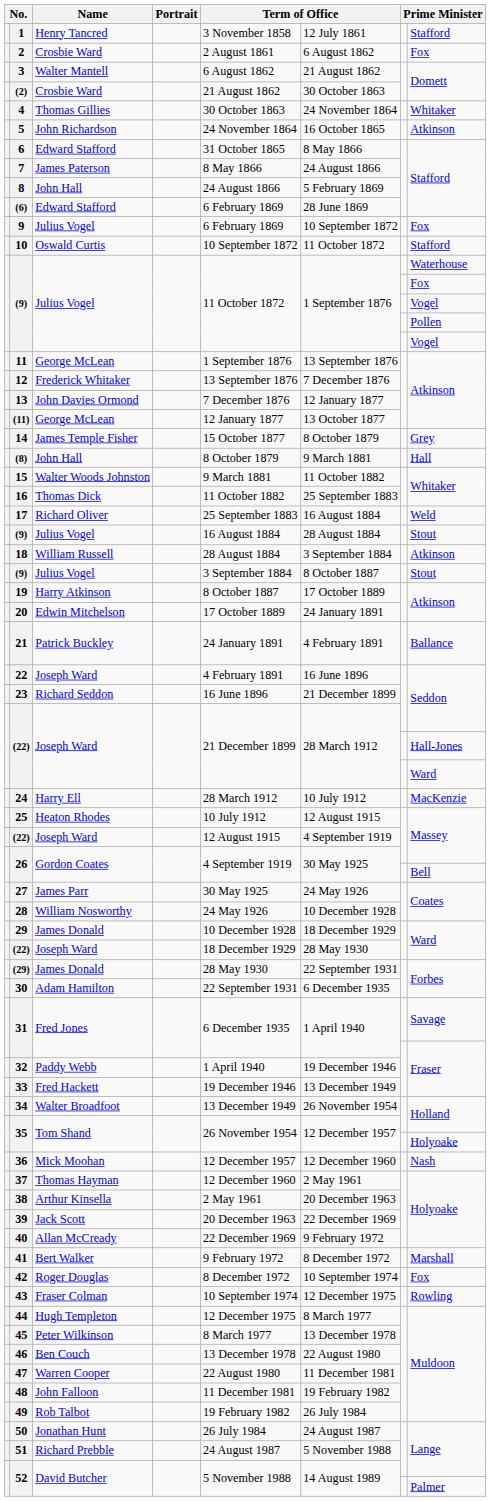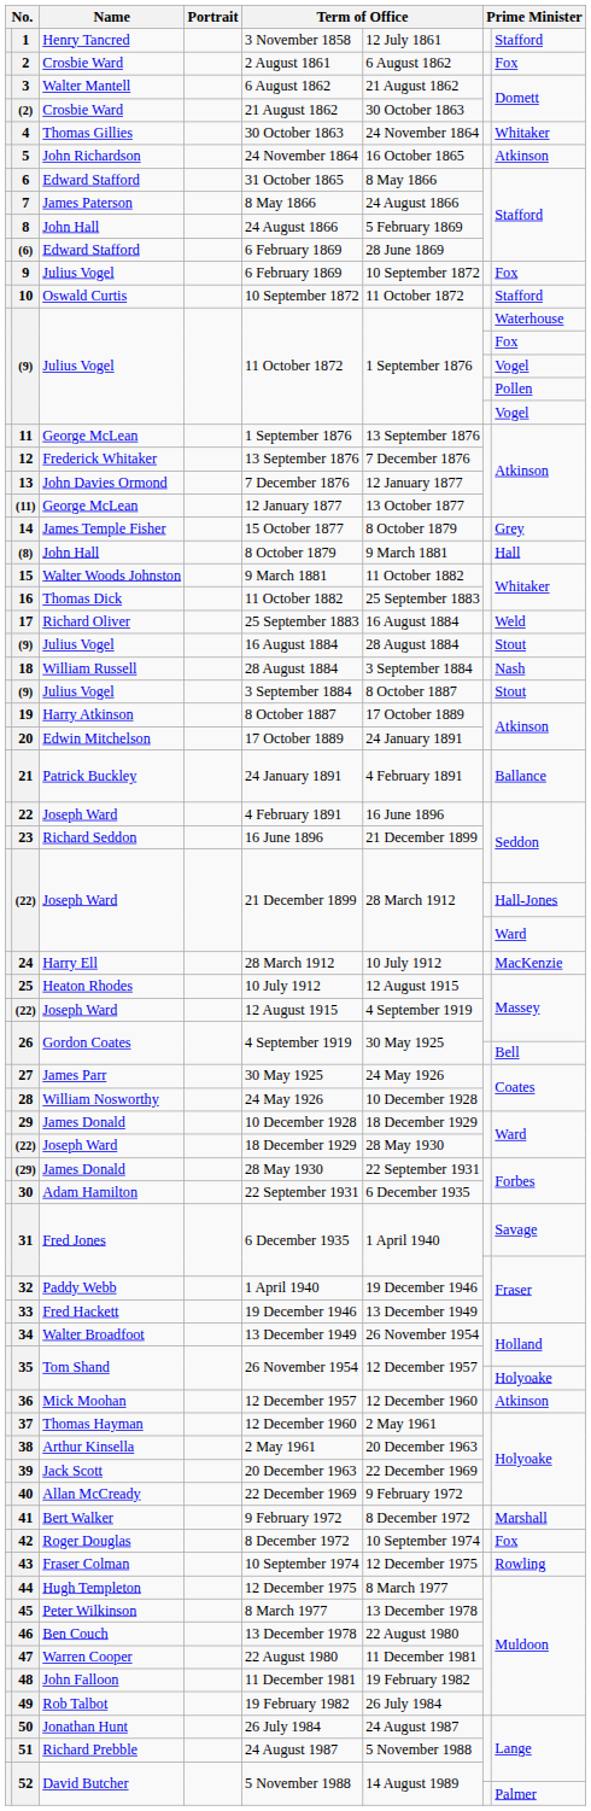 <table class="wikitable">
 <tr>
 <th colspan="2">No.</th>
 <th>Name</th>
 <th>Portrait</th>
 <th colspan="2">Term of Office</th>
 <th colspan="2">Prime Minister</th>
 </tr>
 <tr>
 <th style="color:inherit;background:"></th>
 <th>1</th>
 <td><a href='#'>Henry Tancred</a></td>
 <td></td>
 <td>3 November 1858</td>
 <td>12 July 1861</td>
 <td style="color:inherit;background:"></td>
 <td><a href='#'>Stafford</a></td>
 </tr>
 <tr>
 <th style="color:inherit;background:"></th>
 <th>2</th>
 <td><a href='#'>Crosbie Ward</a></td>
 <td></td>
 <td>2 August 1861</td>
 <td>6 August 1862</td>
 <td style="color:inherit;background:"></td>
 <td><a href='#'>Fox</a></td>
 </tr>
 <tr>
 <th style="color:inherit;background:"></th>
 <th>3</th>
 <td><a href='#'>Walter Mantell</a></td>
 <td></td>
 <td>6 August 1862</td>
 <td>21 August 1862</td>
 <td rowspan=2 style="color:inherit;background:"></td>
 <td rowspan=2><a href='#'>Domett</a></td>
 </tr>
 <tr>
 <th style="color:inherit;background:"></th>
 <th><small>(2)</small></th>
 <td><a href='#'>Crosbie Ward</a></td>
 <td></td>
 <td>21 August 1862</td>
 <td>30 October 1863</td>
 </tr>
 <tr>
 <th style="color:inherit;background:"></th>
 <th>4</th>
 <td><a href='#'>Thomas Gillies</a></td>
 <td></td>
 <td>30 October 1863</td>
 <td>24 November 1864</td>
 <td style="color:inherit;background:"></td>
 <td><a href='#'>Whitaker</a></td>
 </tr>
 <tr>
 <th style="color:inherit;background:"></th>
 <th>5</th>
 <td><a href='#'>John Richardson</a></td>
 <td></td>
 <td>24 November 1864</td>
 <td>16 October 1865</td>
 <td style="color:inherit;background:"></td>
 <td><a href='#'>Atkinson</a></td>
 </tr>
 <tr>
 <th style="color:inherit;background:"></th>
 <th>6</th>
 <td><a href='#'>Edward Stafford</a></td>
 <td></td>
 <td>31 October 1865</td>
 <td>8 May 1866</td>
 <td rowspan=4 style="color:inherit;background:"></td>
 <td rowspan=4><a href='#'>Stafford</a></td>
 </tr>
 <tr>
 <th style="color:inherit;background:"></th>
 <th>7</th>
 <td><a href='#'>James Paterson</a></td>
 <td></td>
 <td>8 May 1866</td>
 <td>24 August 1866</td>
 </tr>
 <tr>
 <th style="color:inherit;background:"></th>
 <th>8</th>
 <td><a href='#'>John Hall</a></td>
 <td></td>
 <td>24 August 1866</td>
 <td>5 February 1869</td>
 </tr>
 <tr>
 <th style="color:inherit;background:"></th>
 <th><small>(6)</small></th>
 <td><a href='#'>Edward Stafford</a></td>
 <td></td>
 <td>6 February 1869</td>
 <td>28 June 1869</td>
 </tr>
 <tr>
 <th style="color:inherit;background:"></th>
 <th>9</th>
 <td><a href='#'>Julius Vogel</a></td>
 <td></td>
 <td>6 February 1869</td>
 <td>10 September 1872</td>
 <td style="color:inherit;background:"></td>
 <td><a href='#'>Fox</a></td>
 </tr>
 <tr>
 <th style="color:inherit;background:"></th>
 <th>10</th>
 <td><a href='#'>Oswald Curtis</a></td>
 <td></td>
 <td>10 September 1872</td>
 <td>11 October 1872</td>
 <td style="color:inherit;background:"></td>
 <td><a href='#'>Stafford</a></td>
 </tr>
 <tr>
 <th rowspan=5 style="color:inherit;background:"></th>
 <th rowspan=5><small>(9)</small></th>
 <td rowspan=5><a href='#'>Julius Vogel</a></td>
 <td rowspan=5></td>
 <td rowspan=5>11 October 1872</td>
 <td rowspan=5>1 September 1876</td>
 <td style="color:inherit;background:"></td>
 <td><a href='#'>Waterhouse</a></td>
 </tr>
 <tr>
 <td style="color:inherit;background:"></td>
 <td><a href='#'>Fox</a></td>
 </tr>
 <tr>
 <td style="color:inherit;background:"></td>
 <td><a href='#'>Vogel</a></td>
 </tr>
 <tr>
 <td style="color:inherit;background:"></td>
 <td><a href='#'>Pollen</a></td>
 </tr>
 <tr>
 <td style="color:inherit;background:"></td>
 <td><a href='#'>Vogel</a></td>
 </tr>
 <tr>
 <th style="color:inherit;background:"></th>
 <th>11</th>
 <td><a href='#'>George McLean</a></td>
 <td></td>
 <td>1 September 1876</td>
 <td>13 September 1876</td>
 <td rowspan=4 style="color:inherit;background:"></td>
 <td rowspan=4><a href='#'>Atkinson</a></td>
 </tr>
 <tr>
 <th style="color:inherit;background:"></th>
 <th>12</th>
 <td><a href='#'>Frederick Whitaker</a></td>
 <td></td>
 <td>13 September 1876</td>
 <td>7 December 1876</td>
 </tr>
 <tr>
 <th style="color:inherit;background:"></th>
 <th>13</th>
 <td><a href='#'>John Davies Ormond</a></td>
 <td></td>
 <td>7 December 1876</td>
 <td>12 January 1877</td>
 </tr>
 <tr>
 <th style="color:inherit;background:"></th>
 <th><small>(11)</small></th>
 <td><a href='#'>George McLean</a></td>
 <td></td>
 <td>12 January 1877</td>
 <td>13 October 1877</td>
 </tr>
 <tr>
 <th style="color:inherit;background:"></th>
 <th>14</th>
 <td><a href='#'>James Temple Fisher</a></td>
 <td></td>
 <td>15 October 1877</td>
 <td>8 October 1879</td>
 <td style="color:inherit;background:"></td>
 <td><a href='#'>Grey</a></td>
 </tr>
 <tr>
 <th style="color:inherit;background:"></th>
 <th><small>(8)</small></th>
 <td><a href='#'>John Hall</a></td>
 <td></td>
 <td>8 October 1879</td>
 <td>9 March 1881</td>
 <td rowspan=2 style="color:inherit;background:"></td>
 <td rowspan=2><a href='#'>Hall</a></td>
 </tr>
 <tr>
 <th rowspan=2 style="color:inherit;background:"></th>
 <th rowspan=2>15</th>
 <td rowspan=2><a href='#'>Walter Woods Johnston</a></td>
 <td rowspan=2></td>
 <td rowspan=2>9 March 1881</td>
 <td rowspan=2>11 October 1882</td>
 </tr>
 <tr>
 <td rowspan=2 style="color:inherit;background:"></td>
 <td rowspan=2><a href='#'>Whitaker</a></td>
 </tr>
 <tr>
 <th style="color:inherit;background:"></th>
 <th>16</th>
 <td><a href='#'>Thomas Dick</a></td>
 <td></td>
 <td>11 October 1882</td>
 <td>25 September 1883</td>
 </tr>
 <tr>
 <th style="color:inherit;background:"></th>
 <th>17</th>
 <td><a href='#'>Richard Oliver</a></td>
 <td></td>
 <td>25 September 1883</td>
 <td>16 August 1884</td>
 <td style="color:inherit;background:"></td>
 <td><a href='#'>Weld</a></td>
 </tr>
 <tr>
 <th style="color:inherit;background:"></th>
 <th><small>(9)</small></th>
 <td><a href='#'>Julius Vogel</a></td>
 <td></td>
 <td>16 August 1884</td>
 <td>28 August 1884</td>
 <td style="color:inherit;background:"></td>
 <td><a href='#'>Stout</a></td>
 </tr>
 <tr>
 <th style="color:inherit;background:"></th>
 <th>18</th>
 <td><a href='#'>William Russell</a></td>
 <td></td>
 <td>28 August 1884</td>
 <td>3 September 1884</td>
 <td style="color:inherit;background:"></td>
-<td><a href='#'>Atkinson</a></td>
+<td><a href='#'>Nash</a></td>
 </tr>
 <tr>
 <th style="color:inherit;background:"></th>
 <th><small>(9)</small></th>
 <td><a href='#'>Julius Vogel</a></td>
 <td></td>
 <td>3 September 1884</td>
 <td>8 October 1887</td>
 <td style="color:inherit;background:"></td>
 <td><a href='#'>Stout</a></td>
 </tr>
 <tr>
 <th style="color:inherit;background:"></th>
 <th>19</th>
 <td><a href='#'>Harry Atkinson</a></td>
 <td></td>
 <td>8 October 1887</td>
 <td>17 October 1889</td>
 <td rowspan=2 style="color:inherit;background:"></td>
 <td rowspan=2><a href='#'>Atkinson</a></td>
 </tr>
 <tr>
 <th style="color:inherit;background:"></th>
 <th>20</th>
 <td><a href='#'>Edwin Mitchelson</a></td>
 <td></td>
 <td>17 October 1889</td>
 <td>24 January 1891</td>
 </tr>
 <tr>
 <th rowspan=2 style="color:inherit;background:"></th>
 <th rowspan=2>21</th>
 <td rowspan=2><a href='#'>Patrick Buckley</a></td>
 <td rowspan=2></td>
 <td rowspan=2>24 January 1891</td>
 <td rowspan=2>4 February 1891</td>
 <td height=50 style="color:inherit;background:"></td>
 <td><a href='#'>Ballance</a></td>
 </tr>
 <tr>
 <td rowspan=4 style="color:inherit;background:"></td>
 <td rowspan=4><a href='#'>Seddon</a></td>
 </tr>
 <tr>
 <th style="color:inherit;background:"></th>
 <th>22</th>
 <td><a href='#'>Joseph Ward</a></td>
 <td></td>
 <td>4 February 1891</td>
 <td>16 June 1896</td>
 </tr>
 <tr>
 <th style="color:inherit;background:"></th>
 <th>23</th>
 <td><a href='#'>Richard Seddon</a></td>
 <td></td>
 <td>16 June 1896</td>
 <td>21 December 1899</td>
 </tr>
 <tr>
 <th height=30 style="border-bottom:solid 0 grey; background:"></th>
 <th rowspan=3><small>(22)</small></th>
 <td rowspan=3><a href='#'>Joseph Ward</a></td>
 <td rowspan=3></td>
 <td rowspan=3>21 December 1899</td>
 <td rowspan=3>28 March 1912</td>
 </tr>
 <tr>
 <th rowspan=2 style="border-top:solid 0 grey; background:"></th>
 <td height=30 style="color:inherit;background:"></td>
 <td><a href='#'>Hall-Jones</a></td>
 </tr>
 <tr>
 <td height=30 style="color:inherit;background:"></td>
 <td><a href='#'>Ward</a></td>
 </tr>
 <tr>
 <th style="color:inherit;background:"></th>
 <th>24</th>
 <td><a href='#'>Harry Ell</a></td>
 <td></td>
 <td>28 March 1912</td>
 <td>10 July 1912</td>
 <td style="color:inherit;background:"></td>
 <td><a href='#'>MacKenzie</a></td>
 </tr>
 <tr>
 <th style="color:inherit;background:"></th>
 <th>25</th>
 <td><a href='#'>Heaton Rhodes</a></td>
 <td></td>
 <td>10 July 1912</td>
 <td>12 August 1915</td>
 <td rowspan=2 style="border-bottom:solid 0 grey; background:"></td>
 <td rowspan=3><a href='#'>Massey</a></td>
 </tr>
 <tr>
 <th style="color:inherit;background:"></th>
 <th><small>(22)</small></th>
 <td><a href='#'>Joseph Ward</a></td>
 <td></td>
 <td>12 August 1915</td>
 <td>4 September 1919</td>
 </tr>
 <tr>
 <th rowspan=2 style="color:inherit;background:"></th>
 <th rowspan=2>26</th>
 <td rowspan=2><a href='#'>Gordon Coates</a></td>
 <td rowspan=2></td>
 <td rowspan=2>4 September 1919</td>
 <td rowspan=2>30 May 1925</td>
 <td height=15 style="border-top:solid 0 grey; background:"></td>
 </tr>
 <tr>
 <td height=15 style="border-bottom:solid 0 grey; background:"></td>
 <td><a href='#'>Bell</a></td>
 </tr>
 <tr>
 <th style="color:inherit;background:"></th>
 <th>27</th>
 <td><a href='#'>James Parr</a></td>
 <td></td>
 <td>30 May 1925</td>
 <td>24 May 1926</td>
 <td rowspan=2 style="color:inherit;background:"></td>
 <td rowspan=2><a href='#'>Coates</a></td>
 </tr>
 <tr>
 <th style="color:inherit;background:"></th>
 <th>28</th>
 <td><a href='#'>William Nosworthy</a></td>
 <td></td>
 <td>24 May 1926</td>
 <td>10 December 1928</td>
 </tr>
 <tr>
 <th style="color:inherit;background:"></th>
 <th>29</th>
 <td><a href='#'>James Donald</a></td>
 <td></td>
 <td>10 December 1928</td>
 <td>18 December 1929</td>
 <td rowspan=2 style="color:inherit;background:"></td>
 <td rowspan=2><a href='#'>Ward</a></td>
 </tr>
 <tr>
 <th style="color:inherit;background:"></th>
 <th><small>(22)</small></th>
 <td><a href='#'>Joseph Ward</a></td>
 <td></td>
 <td>18 December 1929</td>
 <td>28 May 1930</td>
 </tr>
 <tr>
 <th style="color:inherit;background:"></th>
 <th><small>(29)</small></th>
 <td><a href='#'>James Donald</a></td>
 <td></td>
 <td>28 May 1930</td>
 <td>22 September 1931</td>
 <td rowspan=2 style="color:inherit;background:"></td>
 <td rowspan=2><a href='#'>Forbes</a></td>
 </tr>
 <tr>
 <th style="color:inherit;background:"></th>
 <th>30</th>
 <td><a href='#'>Adam Hamilton</a></td>
 <td></td>
 <td>22 September 1931</td>
 <td>6 December 1935</td>
 </tr>
 <tr>
 <th height=50 style="border-bottom:solid 0 grey; background:"></th>
 <th rowspan=2>31</th>
 <td rowspan=2><a href='#'>Fred Jones</a></td>
 <td rowspan=2></td>
 <td rowspan=2>6 December 1935</td>
 <td rowspan=2>1 April 1940</td>
 <td style="color:inherit;background:"></td>
 <td><a href='#'>Savage</a></td>
 </tr>
 <tr>
 <th height=15 style="border-top:solid 0 grey; background:"></th>
 <td rowspan=3 style="border-bottom:solid 0 grey; background:"></td>
 <td rowspan=3><a href='#'>Fraser</a></td>
 </tr>
 <tr>
 <th style="color:inherit;background:"></th>
 <th>32</th>
 <td><a href='#'>Paddy Webb</a></td>
 <td></td>
 <td>1 April 1940</td>
 <td>19 December 1946</td>
 </tr>
 <tr>
 <th style="color:inherit;background:"></th>
 <th>33</th>
 <td><a href='#'>Fred Hackett</a></td>
 <td></td>
 <td>19 December 1946</td>
 <td>13 December 1949</td>
 </tr>
 <tr>
 <th style="color:inherit;background:"></th>
 <th>34</th>
 <td><a href='#'>Walter Broadfoot</a></td>
 <td></td>
 <td>13 December 1949</td>
 <td>26 November 1954</td>
 <td rowspan=2 style="color:inherit;background:"></td>
 <td rowspan=2><a href='#'>Holland</a></td>
 </tr>
 <tr>
 <th height=15 style="border-bottom:solid 0 grey; background:"></th>
 <th rowspan=2>35</th>
 <td rowspan=2><a href='#'>Tom Shand</a></td>
 <td rowspan=2></td>
 <td rowspan=2>26 November 1954</td>
 <td rowspan=2>12 December 1957</td>
 </tr>
 <tr>
 <th height=15 style="border-top:solid 0 grey; background:"></th>
 <td style="color:inherit;background:"></td>
 <td><a href='#'>Holyoake</a></td>
 </tr>
 <tr>
 <th style="color:inherit;background:"></th>
 <th>36</th>
 <td><a href='#'>Mick Moohan</a></td>
 <td></td>
 <td>12 December 1957</td>
 <td>12 December 1960</td>
 <td style="color:inherit;background:"></td>
-<td><a href='#'>Nash</a></td>
+<td><a href='#'>Atkinson</a></td>
 </tr>
 <tr>
 <th style="color:inherit;background:"></th>
 <th>37</th>
 <td><a href='#'>Thomas Hayman</a></td>
 <td></td>
 <td>12 December 1960</td>
 <td>2 May 1961</td>
 <td rowspan=4 style="color:inherit;background:"></td>
 <td rowspan=4><a href='#'>Holyoake</a></td>
 </tr>
 <tr>
 <th style="color:inherit;background:"></th>
 <th>38</th>
 <td><a href='#'>Arthur Kinsella</a></td>
 <td></td>
 <td>2 May 1961</td>
 <td>20 December 1963</td>
 </tr>
 <tr>
 <th style="color:inherit;background:"></th>
 <th>39</th>
 <td><a href='#'>Jack Scott</a></td>
 <td></td>
 <td>20 December 1963</td>
 <td>22 December 1969</td>
 </tr>
 <tr>
 <th style="color:inherit;background:"></th>
 <th>40</th>
 <td><a href='#'>Allan McCready</a></td>
 <td></td>
 <td>22 December 1969</td>
 <td>9 February 1972</td>
 </tr>
 <tr>
 <th style="color:inherit;background:"></th>
 <th>41</th>
 <td><a href='#'>Bert Walker</a></td>
 <td></td>
 <td>9 February 1972</td>
 <td>8 December 1972</td>
 <td style="color:inherit;background:"></td>
 <td><a href='#'>Marshall</a></td>
 </tr>
 <tr>
 <th style="color:inherit;background:"></th>
 <th>42</th>
 <td><a href='#'>Roger Douglas</a></td>
 <td></td>
 <td>8 December 1972</td>
 <td>10 September 1974</td>
 <td style="color:inherit;background:"></td>
 <td><a href='#'>Fox</a></td>
 </tr>
 <tr>
 <th style="color:inherit;background:"></th>
 <th>43</th>
 <td><a href='#'>Fraser Colman</a></td>
 <td></td>
 <td>10 September 1974</td>
 <td>12 December 1975</td>
 <td style="color:inherit;background:"></td>
 <td><a href='#'>Rowling</a></td>
 </tr>
 <tr>
 <th style="color:inherit;background:"></th>
 <th>44</th>
 <td><a href='#'>Hugh Templeton</a></td>
 <td></td>
 <td>12 December 1975</td>
 <td>8 March 1977</td>
 <td rowspan=6 style="color:inherit;background:"></td>
 <td rowspan=6><a href='#'>Muldoon</a></td>
 </tr>
 <tr>
 <th style="color:inherit;background:"></th>
 <th>45</th>
 <td><a href='#'>Peter Wilkinson</a></td>
 <td></td>
 <td>8 March 1977</td>
 <td>13 December 1978</td>
 </tr>
 <tr>
 <th style="color:inherit;background:"></th>
 <th>46</th>
 <td><a href='#'>Ben Couch</a></td>
 <td></td>
 <td>13 December 1978</td>
 <td>22 August 1980</td>
 </tr>
 <tr>
 <th style="color:inherit;background:"></th>
 <th>47</th>
 <td><a href='#'>Warren Cooper</a></td>
 <td></td>
 <td>22 August 1980</td>
 <td>11 December 1981</td>
 </tr>
 <tr>
 <th style="color:inherit;background:"></th>
 <th>48</th>
 <td><a href='#'>John Falloon</a></td>
 <td></td>
 <td>11 December 1981</td>
 <td>19 February 1982</td>
 </tr>
 <tr>
 <th style="color:inherit;background:"></th>
 <th>49</th>
 <td><a href='#'>Rob Talbot</a></td>
 <td></td>
 <td>19 February 1982</td>
 <td>26 July 1984</td>
 </tr>
 <tr>
 <th style="color:inherit;background:"></th>
 <th>50</th>
 <td><a href='#'>Jonathan Hunt</a></td>
 <td></td>
 <td>26 July 1984</td>
 <td>24 August 1987</td>
 <td rowspan=3 style="color:inherit;background:"></td>
 <td rowspan=3><a href='#'>Lange</a></td>
 </tr>
 <tr>
 <th style="color:inherit;background:"></th>
 <th>51</th>
 <td><a href='#'>Richard Prebble</a></td>
 <td></td>
 <td>24 August 1987</td>
 <td>5 November 1988</td>
 </tr>
 <tr>
 <th height=15 style="border-bottom:solid 0 grey; background:"></th>
 <th rowspan=2>52</th>
 <td rowspan=2><a href='#'>David Butcher</a></td>
 <td rowspan=2></td>
 <td rowspan=2>5 November 1988</td>
 <td rowspan=2>14 August 1989</td>
 </tr>
 <tr>
 <th height=15 style="border-top:solid 0 grey; background:"></th>
 <td style="color:inherit;background:"></td>
 <td><a href='#'>Palmer</a></td>
 </tr>
 </table>
